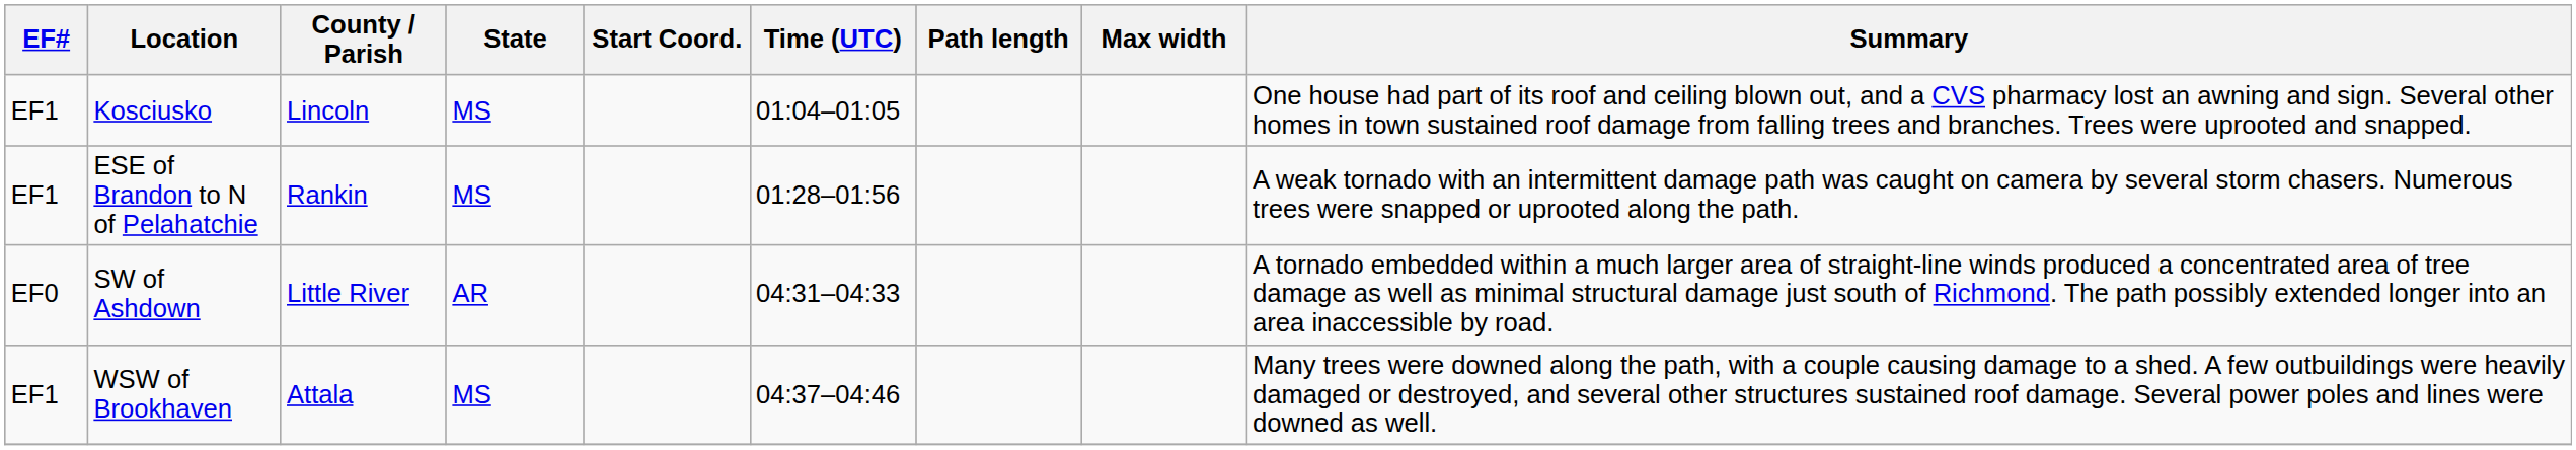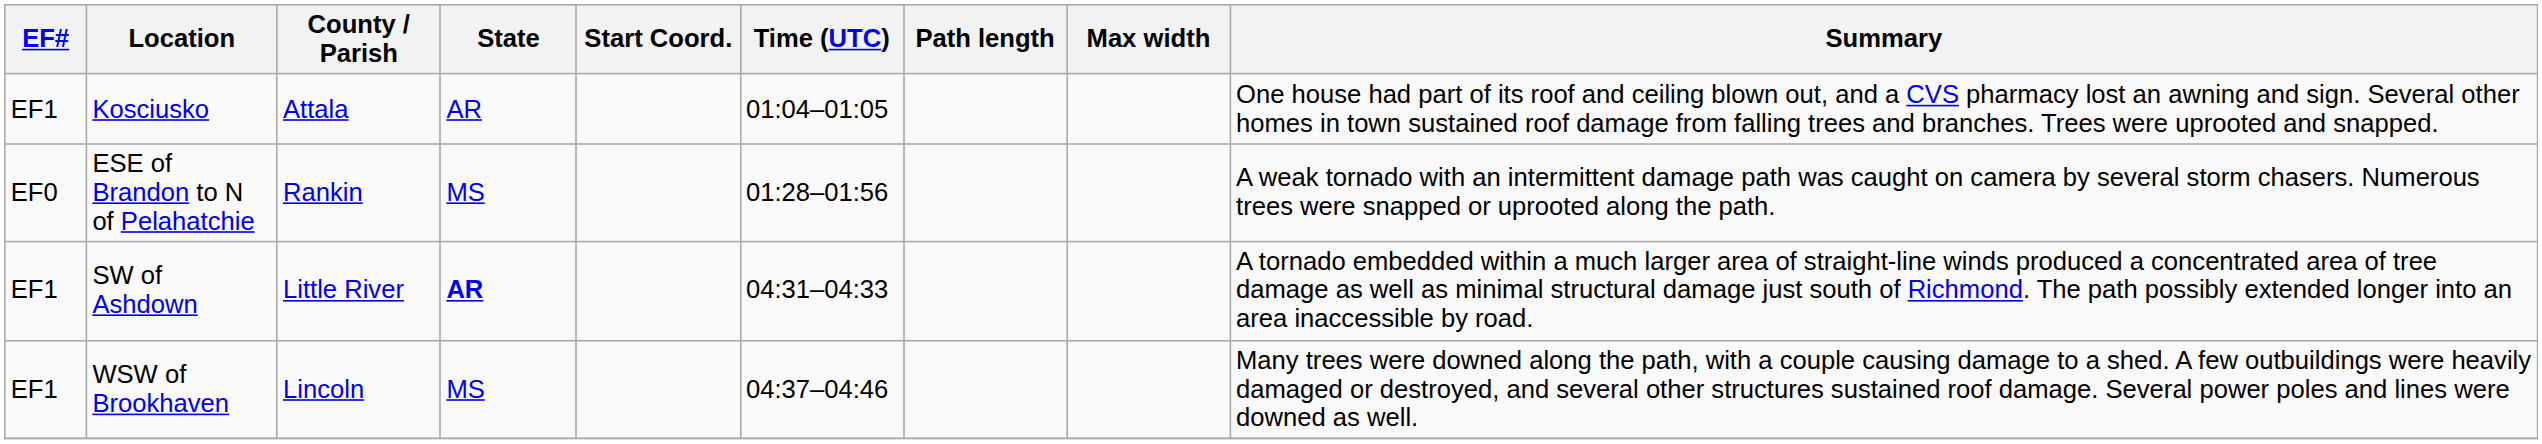 <table class="wikitable sortable" style="width:100%;">
 <tr>
 <th scope="col"  style="width:3%; text-align:center;"><a href='#'>EF#</a></th>
 <th scope="col"  style="width:7%; text-align:center;" class="unsortable">Location</th>
 <th scope="col"  style="width:6%; text-align:center;" class="unsortable">County / Parish</th>
 <th scope="col"  style="width:5%; text-align:center;">State</th>
 <th scope="col"  style="width:6%; text-align:center;">Start Coord.</th>
 <th scope="col"  style="width:6%; text-align:center;">Time (<a href='#'>UTC</a>)</th>
 <th scope="col"  style="width:6%; text-align:center;">Path length</th>
 <th scope="col"  style="width:6%; text-align:center;">Max width</th>
 <th scope="col" class="unsortable" style="width:48%; text-align:center;">Summary</th>
 </tr>
 <tr>
 <td>EF1</td>
 <td><a href='#'>Kosciusko</a></td>
-<td><a href='#'>Lincoln</a></td>
-<td><a href='#'>MS</a></td>
+<td><a href='#'>Attala</a></td>
+<td><a href='#'>AR</a></td>
 <td></td>
 <td>01:04–01:05</td>
 <td></td>
 <td></td>
 <td>One house had part of its roof and ceiling blown out, and a <a href='#'>CVS</a> pharmacy lost an awning and sign. Several other homes in town sustained roof damage from falling trees and branches. Trees were uprooted and snapped.</td>
 </tr>
 <tr>
-<td>EF1</td>
+<td>EF0</td>
 <td>ESE of <a href='#'>Brandon</a> to N of <a href='#'>Pelahatchie</a></td>
 <td><a href='#'>Rankin</a></td>
 <td><a href='#'>MS</a></td>
 <td></td>
 <td>01:28–01:56</td>
 <td></td>
 <td></td>
 <td>A weak tornado with an intermittent damage path was caught on camera by several storm chasers. Numerous trees were snapped or uprooted along the path.</td>
 </tr>
 <tr>
-<td>EF0</td>
+<td>EF1</td>
 <td>SW of <a href='#'>Ashdown</a></td>
 <td><a href='#'>Little River</a></td>
-<td><a href='#'>AR</a></td>
+<td><strong><a href='#'>AR</a></strong></td>
 <td></td>
 <td>04:31–04:33</td>
 <td></td>
 <td></td>
 <td>A tornado embedded within a much larger area of straight-line winds produced a concentrated area of tree damage as well as minimal structural damage just south of <a href='#'>Richmond</a>. The path possibly extended longer into an area inaccessible by road.</td>
 </tr>
 <tr>
 <td>EF1</td>
 <td>WSW of <a href='#'>Brookhaven</a></td>
-<td><a href='#'>Attala</a></td>
+<td><a href='#'>Lincoln</a></td>
 <td><a href='#'>MS</a></td>
 <td></td>
 <td>04:37–04:46</td>
 <td></td>
 <td></td>
 <td>Many trees were downed along the path, with a couple causing damage to a shed. A few outbuildings were heavily damaged or destroyed, and several other structures sustained roof damage. Several power poles and lines were downed as well.</td>
 </tr>
 <tr>
 </tr>
 </table>
